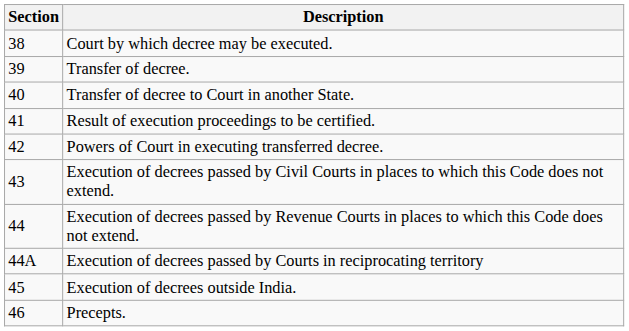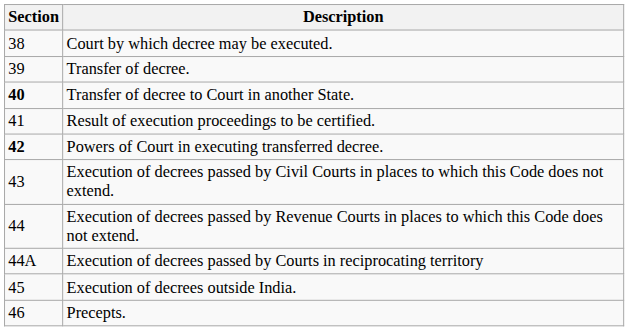 <table class="wikitable">
 <tr>
 <th>Section</th>
 <th>Description</th>
 </tr>
 <tr>
 <td>38</td>
 <td>Court by which decree may be executed.</td>
 </tr>
 <tr>
 <td>39</td>
 <td>Transfer of decree.</td>
 </tr>
 <tr>
-<td>40</td>
+<td><strong>40</strong></td>
 <td>Transfer of decree to Court in another State.</td>
 </tr>
 <tr>
 <td>41</td>
 <td>Result of execution proceedings to be certified.</td>
 </tr>
 <tr>
-<td>42</td>
+<td><strong>42</strong></td>
 <td>Powers of Court in executing transferred decree.</td>
 </tr>
 <tr>
 <td>43</td>
 <td>Execution of decrees passed by Civil Courts in places to which this Code does not extend.</td>
 </tr>
 <tr>
 <td>44</td>
 <td>Execution of decrees passed by Revenue Courts in places to which this Code does not extend.</td>
 </tr>
 <tr>
 <td>44A</td>
 <td>Execution of decrees passed by Courts in reciprocating territory</td>
 </tr>
 <tr>
 <td>45</td>
 <td>Execution of decrees outside India.</td>
 </tr>
 <tr>
 <td>46</td>
 <td>Precepts.</td>
 </tr>
 </table>
